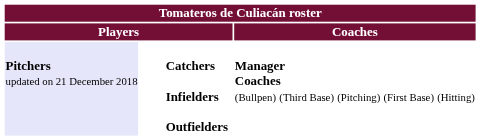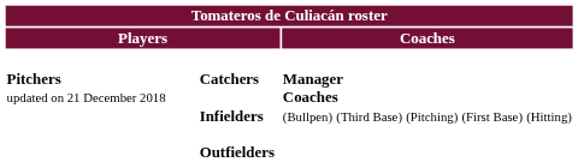 <table class="toccolours" style="font-size: 95%;">
 <tr>
 <th colspan="10" style="background-color: #730F35; color:#FFFFFF; text-align: center;"><strong>Tomateros de Culiacán roster</strong></th>
 </tr>
 <tr>
 <td colspan="4" style="background-color: #730F35; color: #FFFFFF; text-align: center;"><strong>Players</strong></td>
 <td colspan="2" style="background-color: #730F35; color: #FFFFFF; text-align: center;"><strong>Coaches</strong></td>
 </tr>
 <tr>
-<td style="background: lavender; vertical-align:top;text-align:left;"><br><strong>Pitchers</strong><br>                   <small><span></span> updated on 21 December 2018</small></td>
+<td style="vertical-align:top;text-align:left;"><br><strong>Pitchers</strong><br>                   <small><span></span> updated on 21 December 2018</small></td>
 <td width="25px"></td>
 <td style="vertical-align:top;text-align:left;"><br><strong>Catchers</strong><br> <br><strong>Infielders</strong><br>     <br><strong>Outfielders</strong><br>    </td>
 <td style="vertical-align:top;text-align:left;"></td>
 <td style="vertical-align:top;text-align:left;"><br><strong>Manager</strong><br> <strong>Coaches</strong><br> <small>(Bullpen)</small>  <small>(Third Base)</small>  <small>(Pitching)</small>  <small>(First Base)</small>  <small>(Hitting)</small></td>
 </tr>
 </table>
